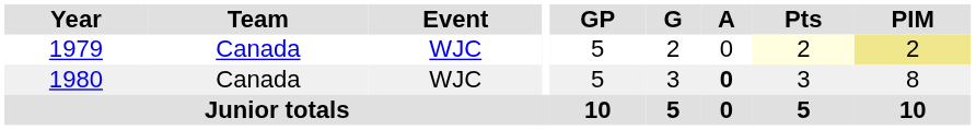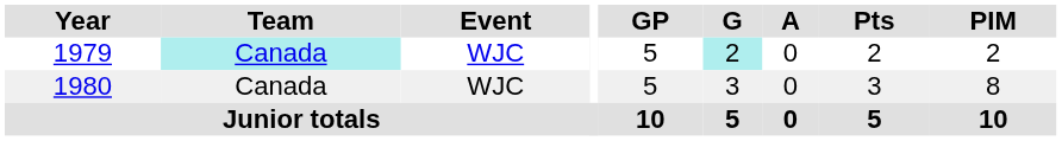 <table border="0" cellpadding="1" cellspacing="0" ID="Table3" style="text-align:center; width:40em">
 <tr bgcolor="#e0e0e0">
 <th>Year</th>
 <th>Team</th>
 <th>Event</th>
 <th rowspan="102" bgcolor="#ffffff"></th>
 <th>GP</th>
 <th>G</th>
 <th>A</th>
 <th>Pts</th>
 <th>PIM</th>
 </tr>
 <tr>
 <td><a href='#'>1979</a></td>
-<td><a href='#'>Canada</a></td>
+<td style="background: paleturquoise;"><a href='#'>Canada</a></td>
 <td><a href='#'>WJC</a></td>
 <td>5</td>
+<td style="background: paleturquoise;">2</td>
+<td>0</td>
 <td>2</td>
-<td>0</td>
-<td style="background: lightyellow;">2</td>
-<td style="background: khaki;">2</td>
+<td>2</td>
 </tr>
 <tr bgcolor="#f0f0f0">
 <td><a href='#'>1980</a></td>
 <td>Canada</td>
 <td>WJC</td>
 <td>5</td>
 <td>3</td>
-<td><strong>0</strong></td>
+<td>0</td>
 <td>3</td>
 <td>8</td>
 </tr>
 <tr bgcolor="#e0e0e0">
 <th colspan="4">Junior totals</th>
 <th>10</th>
 <th>5</th>
 <th>0</th>
 <th>5</th>
 <th>10</th>
 </tr>
 </table>
